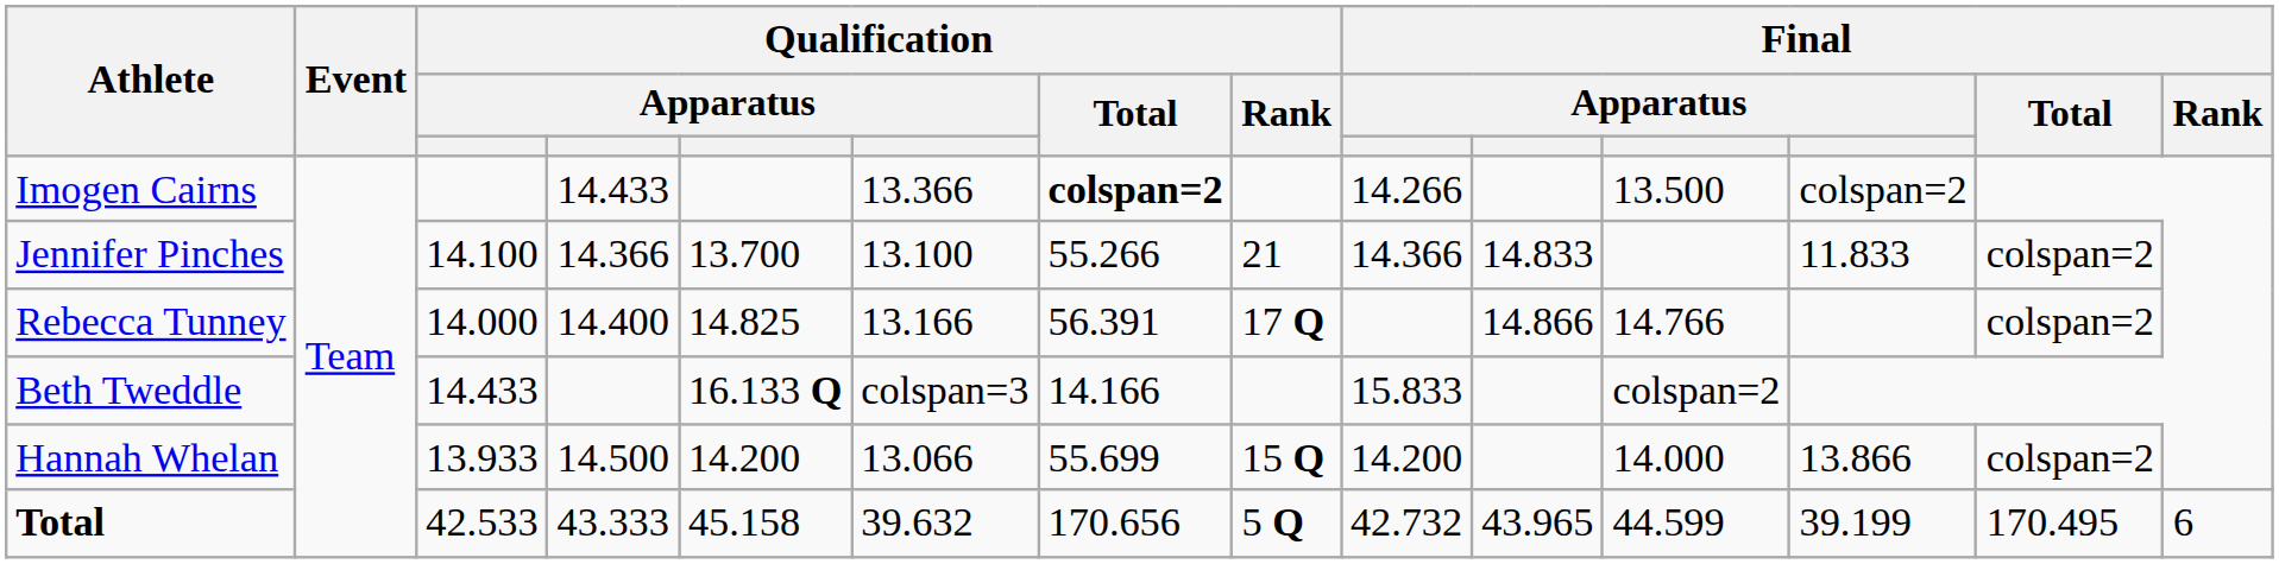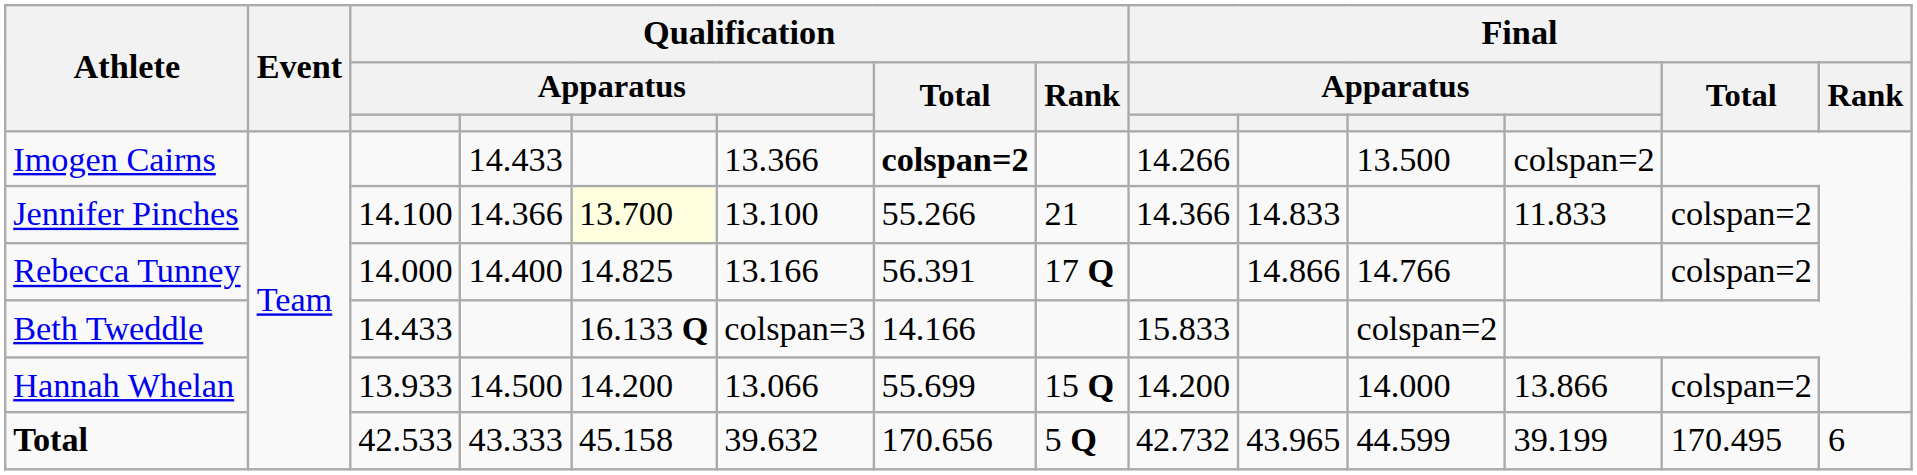 <table class="wikitable" style="font-size:90%">
 <tr>
 <th rowspan=3>Athlete</th>
 <th rowspan=3>Event</th>
 <th colspan=6>Qualification</th>
 <th colspan=6>Final</th>
 </tr>
 <tr style="font-size:95%">
 <th colspan=4>Apparatus</th>
 <th rowspan=2>Total</th>
 <th rowspan=2>Rank</th>
 <th colspan=4>Apparatus</th>
 <th rowspan=2>Total</th>
 <th rowspan=2>Rank</th>
 </tr>
 <tr style="font-size:95%">
 <th></th>
 <th></th>
 <th></th>
 <th></th>
 <th></th>
 <th></th>
 <th></th>
 <th></th>
 </tr>
 <tr>
 <td style="text-align:left;"><a href='#'>Imogen Cairns</a></td>
 <td style="text-align:left;" rowspan="6"><a href='#'>Team</a></td>
 <td></td>
 <td>14.433</td>
 <td></td>
 <td>13.366</td>
 <td><strong>colspan=2 </strong></td>
 <td></td>
 <td>14.266</td>
 <td></td>
 <td>13.500</td>
 <td>colspan=2 </td>
 </tr>
 <tr>
 <td style="text-align:left;"><a href='#'>Jennifer Pinches</a></td>
 <td>14.100</td>
 <td>14.366</td>
-<td>13.700</td>
+<td style="background: lightyellow;">13.700</td>
 <td>13.100</td>
 <td>55.266</td>
 <td>21</td>
 <td>14.366</td>
 <td>14.833</td>
 <td></td>
 <td>11.833</td>
 <td>colspan=2 </td>
 </tr>
 <tr>
 <td style="text-align:left;"><a href='#'>Rebecca Tunney</a></td>
 <td>14.000</td>
 <td>14.400</td>
 <td>14.825</td>
 <td>13.166</td>
 <td>56.391</td>
 <td>17 <strong>Q</strong></td>
 <td></td>
 <td>14.866</td>
 <td>14.766</td>
 <td></td>
 <td>colspan=2 </td>
 </tr>
 <tr>
 <td style="text-align:left;"><a href='#'>Beth Tweddle</a></td>
 <td>14.433</td>
 <td></td>
 <td>16.133 <strong>Q</strong></td>
 <td>colspan=3 </td>
 <td>14.166</td>
 <td></td>
 <td>15.833</td>
 <td></td>
 <td>colspan=2 </td>
 </tr>
 <tr>
 <td style="text-align:left;"><a href='#'>Hannah Whelan</a></td>
 <td>13.933</td>
 <td>14.500</td>
 <td>14.200</td>
 <td>13.066</td>
 <td>55.699</td>
 <td>15 <strong>Q</strong></td>
 <td>14.200</td>
 <td></td>
 <td>14.000</td>
 <td>13.866</td>
 <td>colspan=2 </td>
 </tr>
 <tr>
 <td style="text-align:left;"><strong>Total</strong></td>
 <td>42.533</td>
 <td>43.333</td>
 <td>45.158</td>
 <td>39.632</td>
 <td>170.656</td>
 <td>5 <strong>Q</strong></td>
 <td>42.732</td>
 <td>43.965</td>
 <td>44.599</td>
 <td>39.199</td>
 <td>170.495</td>
 <td>6</td>
 </tr>
 </table>
